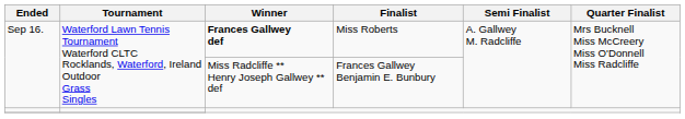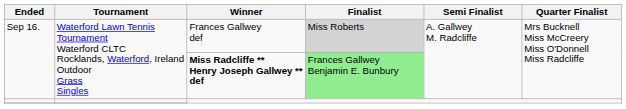 <table class="wikitable" style="font-size:85%;">
 <tr>
 <th width="75">Ended</th>
 <th width="230">Tournament</th>
 <th width="210">Winner</th>
 <th width="210">Finalist</th>
 <th width="170">Semi Finalist</th>
 <th width="170">Quarter Finalist</th>
 </tr>
 <tr valign=top>
 <td rowspan=2>Sep 16.</td>
 <td rowspan=2><a href='#'>Waterford Lawn Tennis Tournament</a><br>Waterford CLTC<br>Rocklands, <a href='#'>Waterford</a>, Ireland<br>Outdoor<br><a href='#'>Grass</a><br><a href='#'>Singles</a></td>
-<td><strong> Frances Gallwey<br>def</strong></td>
-<td> Miss Roberts</td>
+<td> Frances Gallwey<br>def</td>
+<td style="background: lightgrey;"> Miss Roberts</td>
 <td rowspan=2> A. Gallwey<br> M. Radcliffe</td>
 <td rowspan=2> Mrs Bucknell<br> Miss McCreery<br> Miss O'Donnell<br> Miss Radcliffe</td>
 </tr>
 <tr valign=top>
-<td> Miss Radcliffe ** <br> Henry Joseph Gallwey **<br> def</td>
-<td> Frances Gallwey <br> Benjamin E. Bunbury</td>
+<td><strong> Miss Radcliffe ** <br> Henry Joseph Gallwey **<br> def</strong></td>
+<td style="background: lightgreen;"> Frances Gallwey <br> Benjamin E. Bunbury</td>
 </tr>
 <tr valign=top>
 <td></td>
 <td></td>
 </tr>
 <tr valign=top>
 </tr>
 </table>
